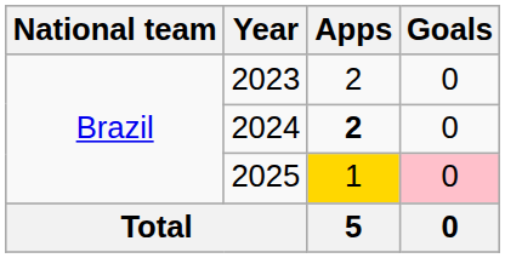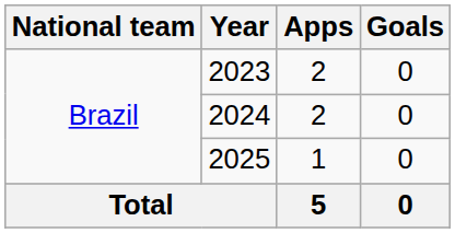 <table class="wikitable" style="text-align: center;">
 <tr>
 <th>National team</th>
 <th>Year</th>
 <th>Apps</th>
 <th>Goals</th>
 </tr>
 <tr>
 <td rowspan="3"><a href='#'>Brazil</a></td>
 <td>2023</td>
 <td>2</td>
 <td>0</td>
 </tr>
 <tr>
 <td>2024</td>
-<td><strong>2</strong></td>
+<td>2</td>
 <td>0</td>
 </tr>
 <tr>
 <td>2025</td>
-<td style="background: gold;">1</td>
-<td style="background: pink;">0</td>
+<td>1</td>
+<td>0</td>
 </tr>
 <tr>
 <th colspan="2">Total</th>
 <th>5</th>
 <th>0</th>
 </tr>
 </table>
